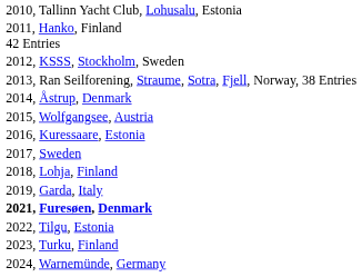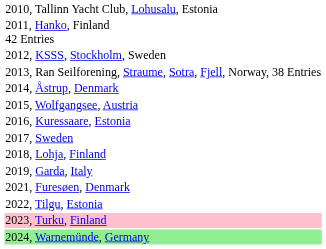 <table>
 <tr>
 <td>2010, Tallinn Yacht Club, <a href='#'>Lohusalu</a>, Estonia</td>
 <td></td>
 <td></td>
 <td></td>
 </tr>
 <tr>
 <td>2011, <a href='#'>Hanko</a>, Finland<br> 42 Entries</td>
 <td></td>
 <td></td>
 <td></td>
 </tr>
 <tr>
 <td>2012, <a href='#'>KSSS</a>, <a href='#'>Stockholm</a>, Sweden</td>
 <td></td>
 <td></td>
 <td></td>
 </tr>
 <tr>
 <td>2013, Ran Seilforening, <a href='#'>Straume</a>, <a href='#'>Sotra</a>, <a href='#'>Fjell</a>, Norway, 38 Entries</td>
 <td></td>
 <td></td>
 <td></td>
 </tr>
 <tr>
 <td>2014, <a href='#'>Åstrup</a>, <a href='#'>Denmark</a></td>
 <td></td>
 <td></td>
 <td></td>
 </tr>
 <tr>
 <td>2015, <a href='#'>Wolfgangsee</a>, <a href='#'>Austria</a></td>
 <td></td>
 <td></td>
 <td></td>
 </tr>
 <tr>
 <td>2016, <a href='#'>Kuressaare</a>, <a href='#'>Estonia</a></td>
 <td></td>
 <td></td>
 <td></td>
 </tr>
 <tr>
 <td>2017,  <a href='#'>Sweden</a></td>
 <td></td>
 <td></td>
 <td></td>
 </tr>
 <tr>
 <td>2018, <a href='#'>Lohja</a>, <a href='#'>Finland</a></td>
 <td></td>
 <td></td>
 <td></td>
 </tr>
 <tr>
 <td>2019, <a href='#'>Garda</a>, <a href='#'>Italy</a></td>
 <td></td>
 <td></td>
 <td></td>
 </tr>
 <tr>
-<td><strong>2021, <a href='#'>Furesøen</a>, <a href='#'>Denmark</a></strong></td>
+<td>2021, <a href='#'>Furesøen</a>, <a href='#'>Denmark</a></td>
 <td></td>
 <td></td>
 <td></td>
 </tr>
 <tr>
 <td>2022, <a href='#'>Tilgu</a>, <a href='#'>Estonia</a></td>
 <td></td>
 <td></td>
 <td></td>
 </tr>
 <tr>
-<td>2023, <a href='#'>Turku</a>, <a href='#'>Finland</a></td>
+<td style="background: pink;">2023, <a href='#'>Turku</a>, <a href='#'>Finland</a></td>
 <td></td>
 <td></td>
 <td></td>
 </tr>
 <tr>
-<td>2024, <a href='#'>Warnemünde</a>, <a href='#'>Germany</a></td>
+<td style="background: lightgreen;">2024, <a href='#'>Warnemünde</a>, <a href='#'>Germany</a></td>
 <td></td>
 <td></td>
 <td></td>
 </tr>
 </table>
